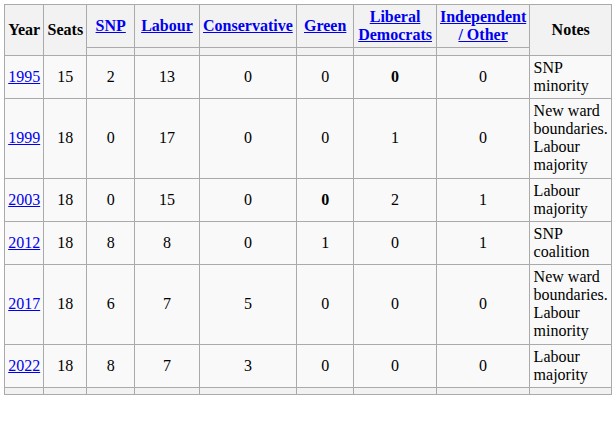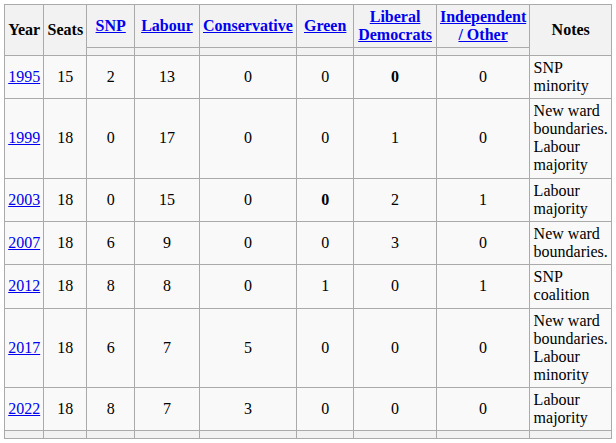 <table class="wikitable" style=text-align:center>
 <tr>
 <th rowspan=2><strong>Year</strong></th>
 <th rowspan=2><strong>Seats</strong></th>
 <th width="80"><a href='#'><strong>SNP</strong></a></th>
 <th width="80"><a href='#'><strong>Labour</strong></a></th>
 <th width="80"><strong><a href='#'>Conservative</a></strong></th>
 <th width="80"><a href='#'><strong>Green</strong></a></th>
 <th width="80"><a href='#'><strong>Liberal Democrats</strong></a></th>
 <th width="80"><a href='#'><strong>Independent / Other</strong></a></th>
 <th rowspan=2><strong>Notes</strong></th>
 </tr>
 <tr>
 <th style="background-color: "></th>
 <th style="background-color: "></th>
 <th style="background-color: "></th>
 <th style="background-color: "></th>
 <th style="background-color: "></th>
 <th style="background-color: "></th>
 </tr>
 <tr>
 <td><a href='#'>1995</a></td>
 <td>15</td>
 <td>2</td>
 <td>13</td>
 <td>0</td>
 <td>0</td>
 <td><strong>0</strong></td>
 <td>0</td>
 <td align=left>SNP minority</td>
 </tr>
 <tr>
 <td><a href='#'>1999</a></td>
 <td>18</td>
 <td>0</td>
 <td>17</td>
 <td>0</td>
 <td>0</td>
 <td>1</td>
 <td>0</td>
 <td align=left>New ward boundaries. Labour majority</td>
 </tr>
 <tr>
 <td><a href='#'>2003</a></td>
 <td>18</td>
 <td>0</td>
 <td>15</td>
 <td>0</td>
 <td><strong>0</strong></td>
 <td>2</td>
 <td>1</td>
 <td align=left>Labour majority</td>
 </tr>
 <tr>
+<td><a href='#'>2007</a></td>
+<td>18</td>
+<td>6</td>
+<td>9</td>
+<td>0</td>
+<td>0</td>
+<td>3</td>
+<td>0</td>
+<td align=left>New ward boundaries.</td>
+</tr>
+<tr>
 <td><a href='#'>2012</a></td>
 <td>18</td>
 <td>8</td>
 <td>8</td>
 <td>0</td>
 <td>1</td>
 <td>0</td>
 <td>1</td>
 <td align=left>SNP coalition</td>
 </tr>
 <tr>
 <td><a href='#'>2017</a></td>
 <td>18</td>
 <td>6</td>
 <td>7</td>
 <td>5</td>
 <td>0</td>
 <td>0</td>
 <td>0</td>
 <td align=left>New ward boundaries. Labour minority</td>
 </tr>
 <tr>
 <td><a href='#'>2022</a></td>
 <td>18</td>
 <td>8</td>
 <td>7</td>
 <td>3</td>
 <td>0</td>
 <td>0</td>
 <td>0</td>
 <td align=left>Labour majority</td>
 </tr>
 <tr>
 <th></th>
 <th></th>
 <th style="background-color: "></th>
 <th style="background-color: "></th>
 <th style="background-color: "></th>
 <th style="background-color: "></th>
 <th style="background-color: "></th>
 <th style="background-color: "></th>
 <th></th>
 </tr>
 </table>
